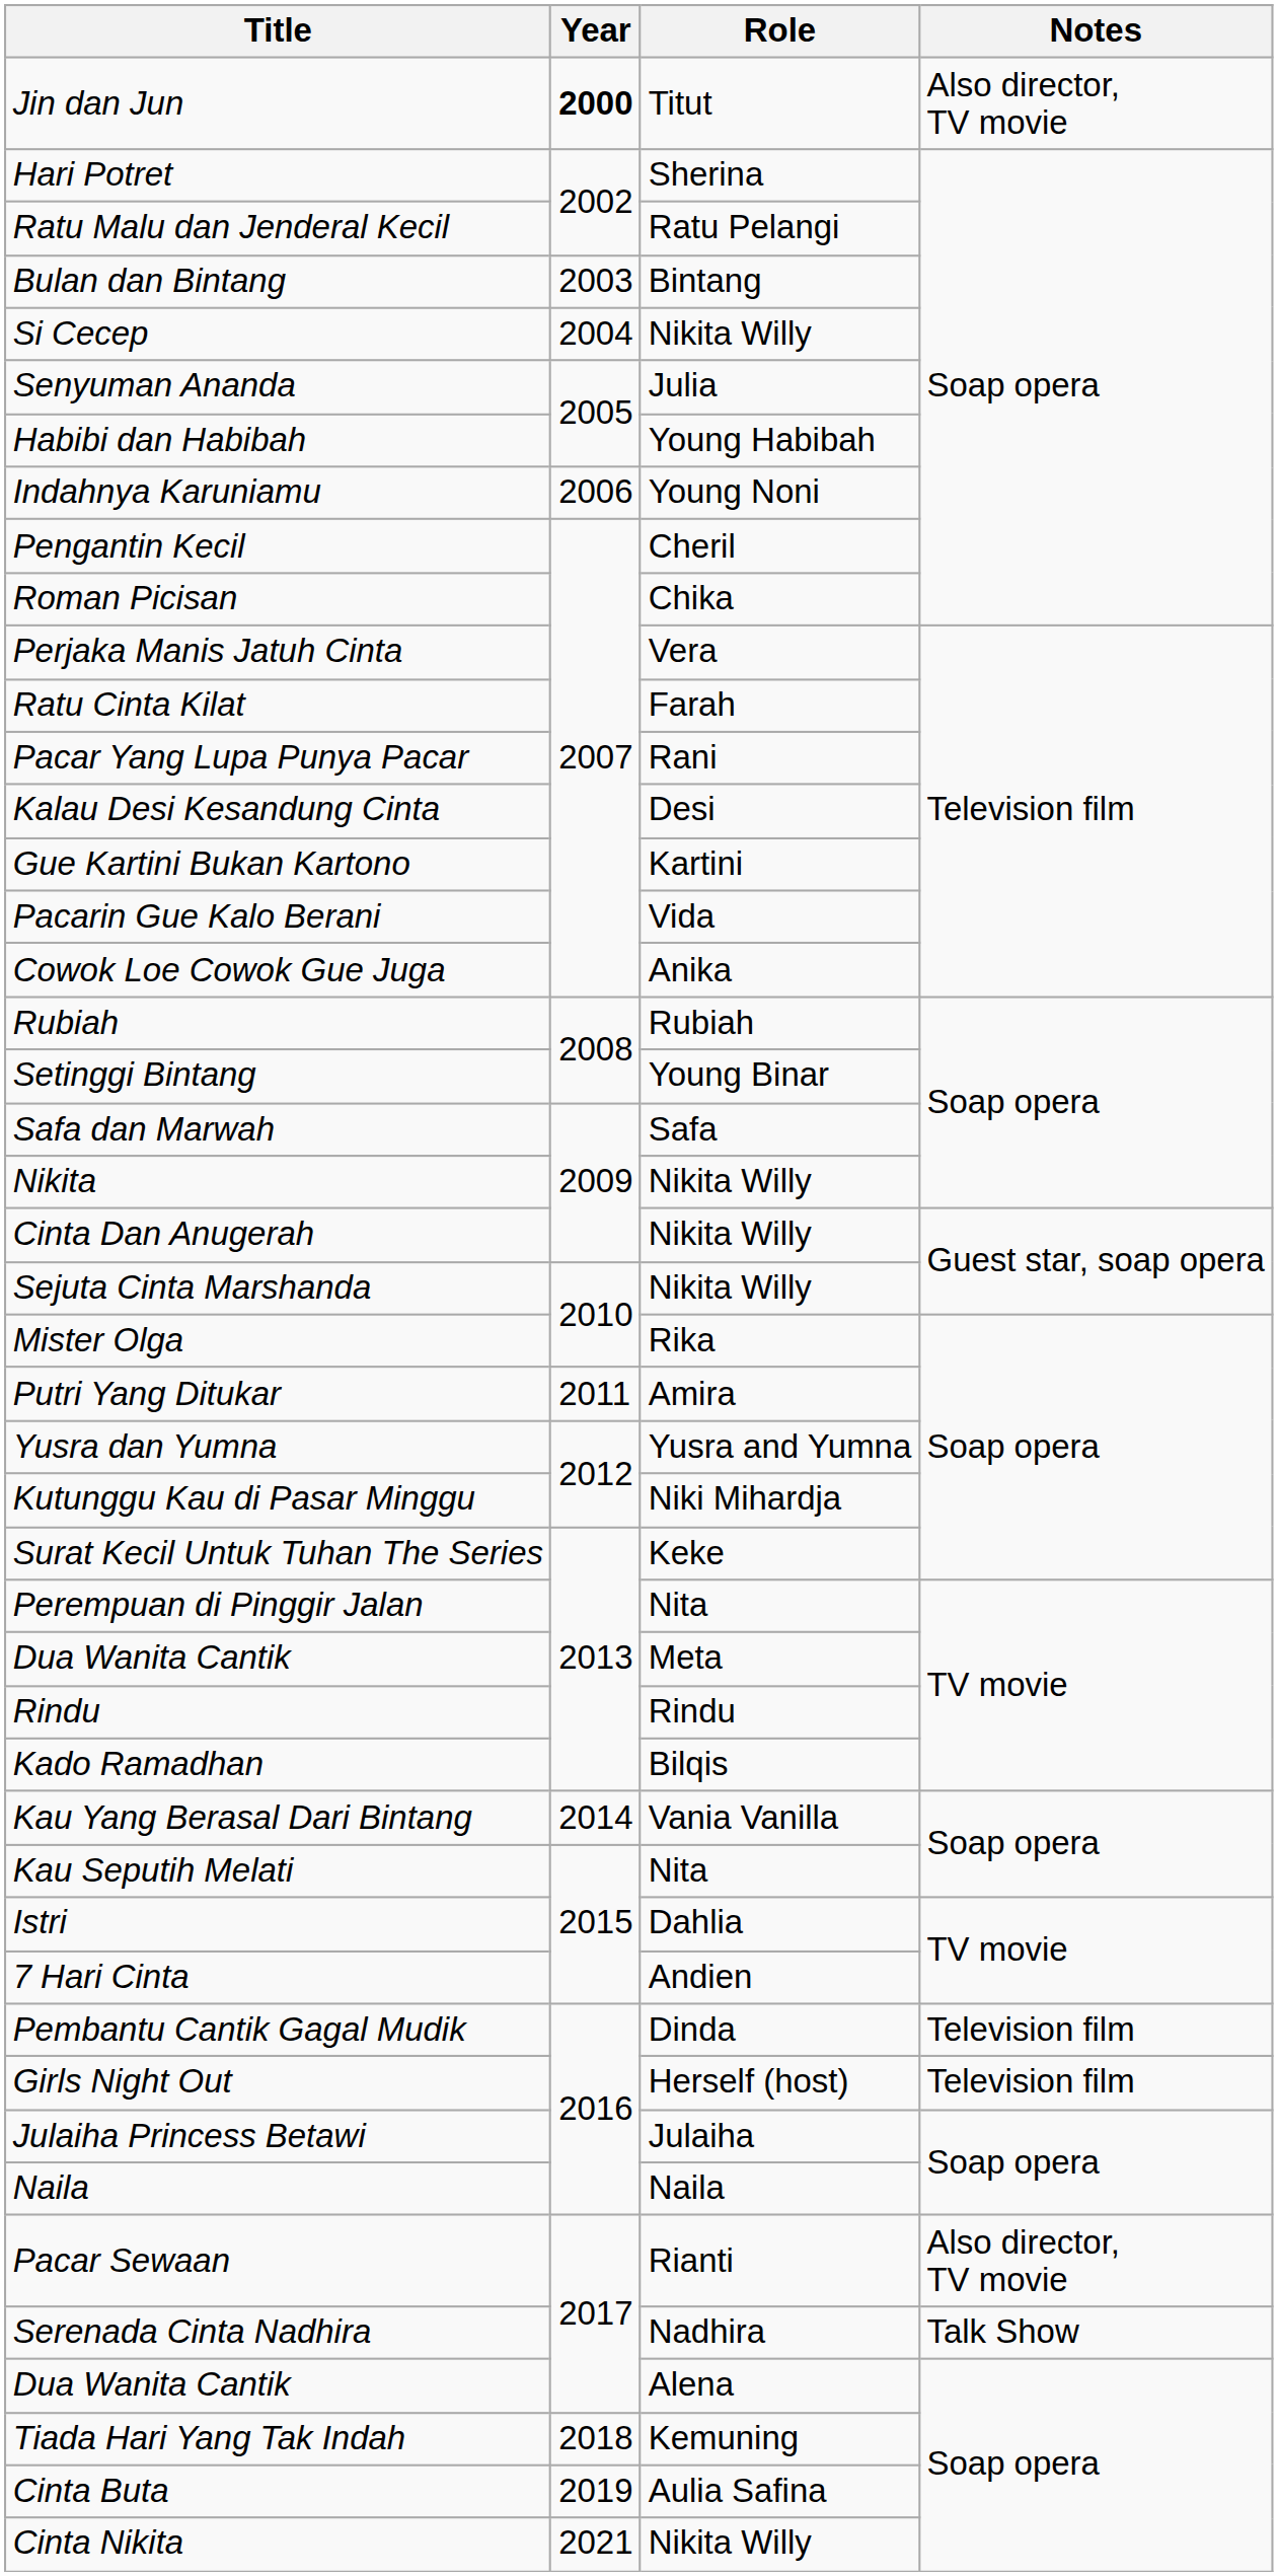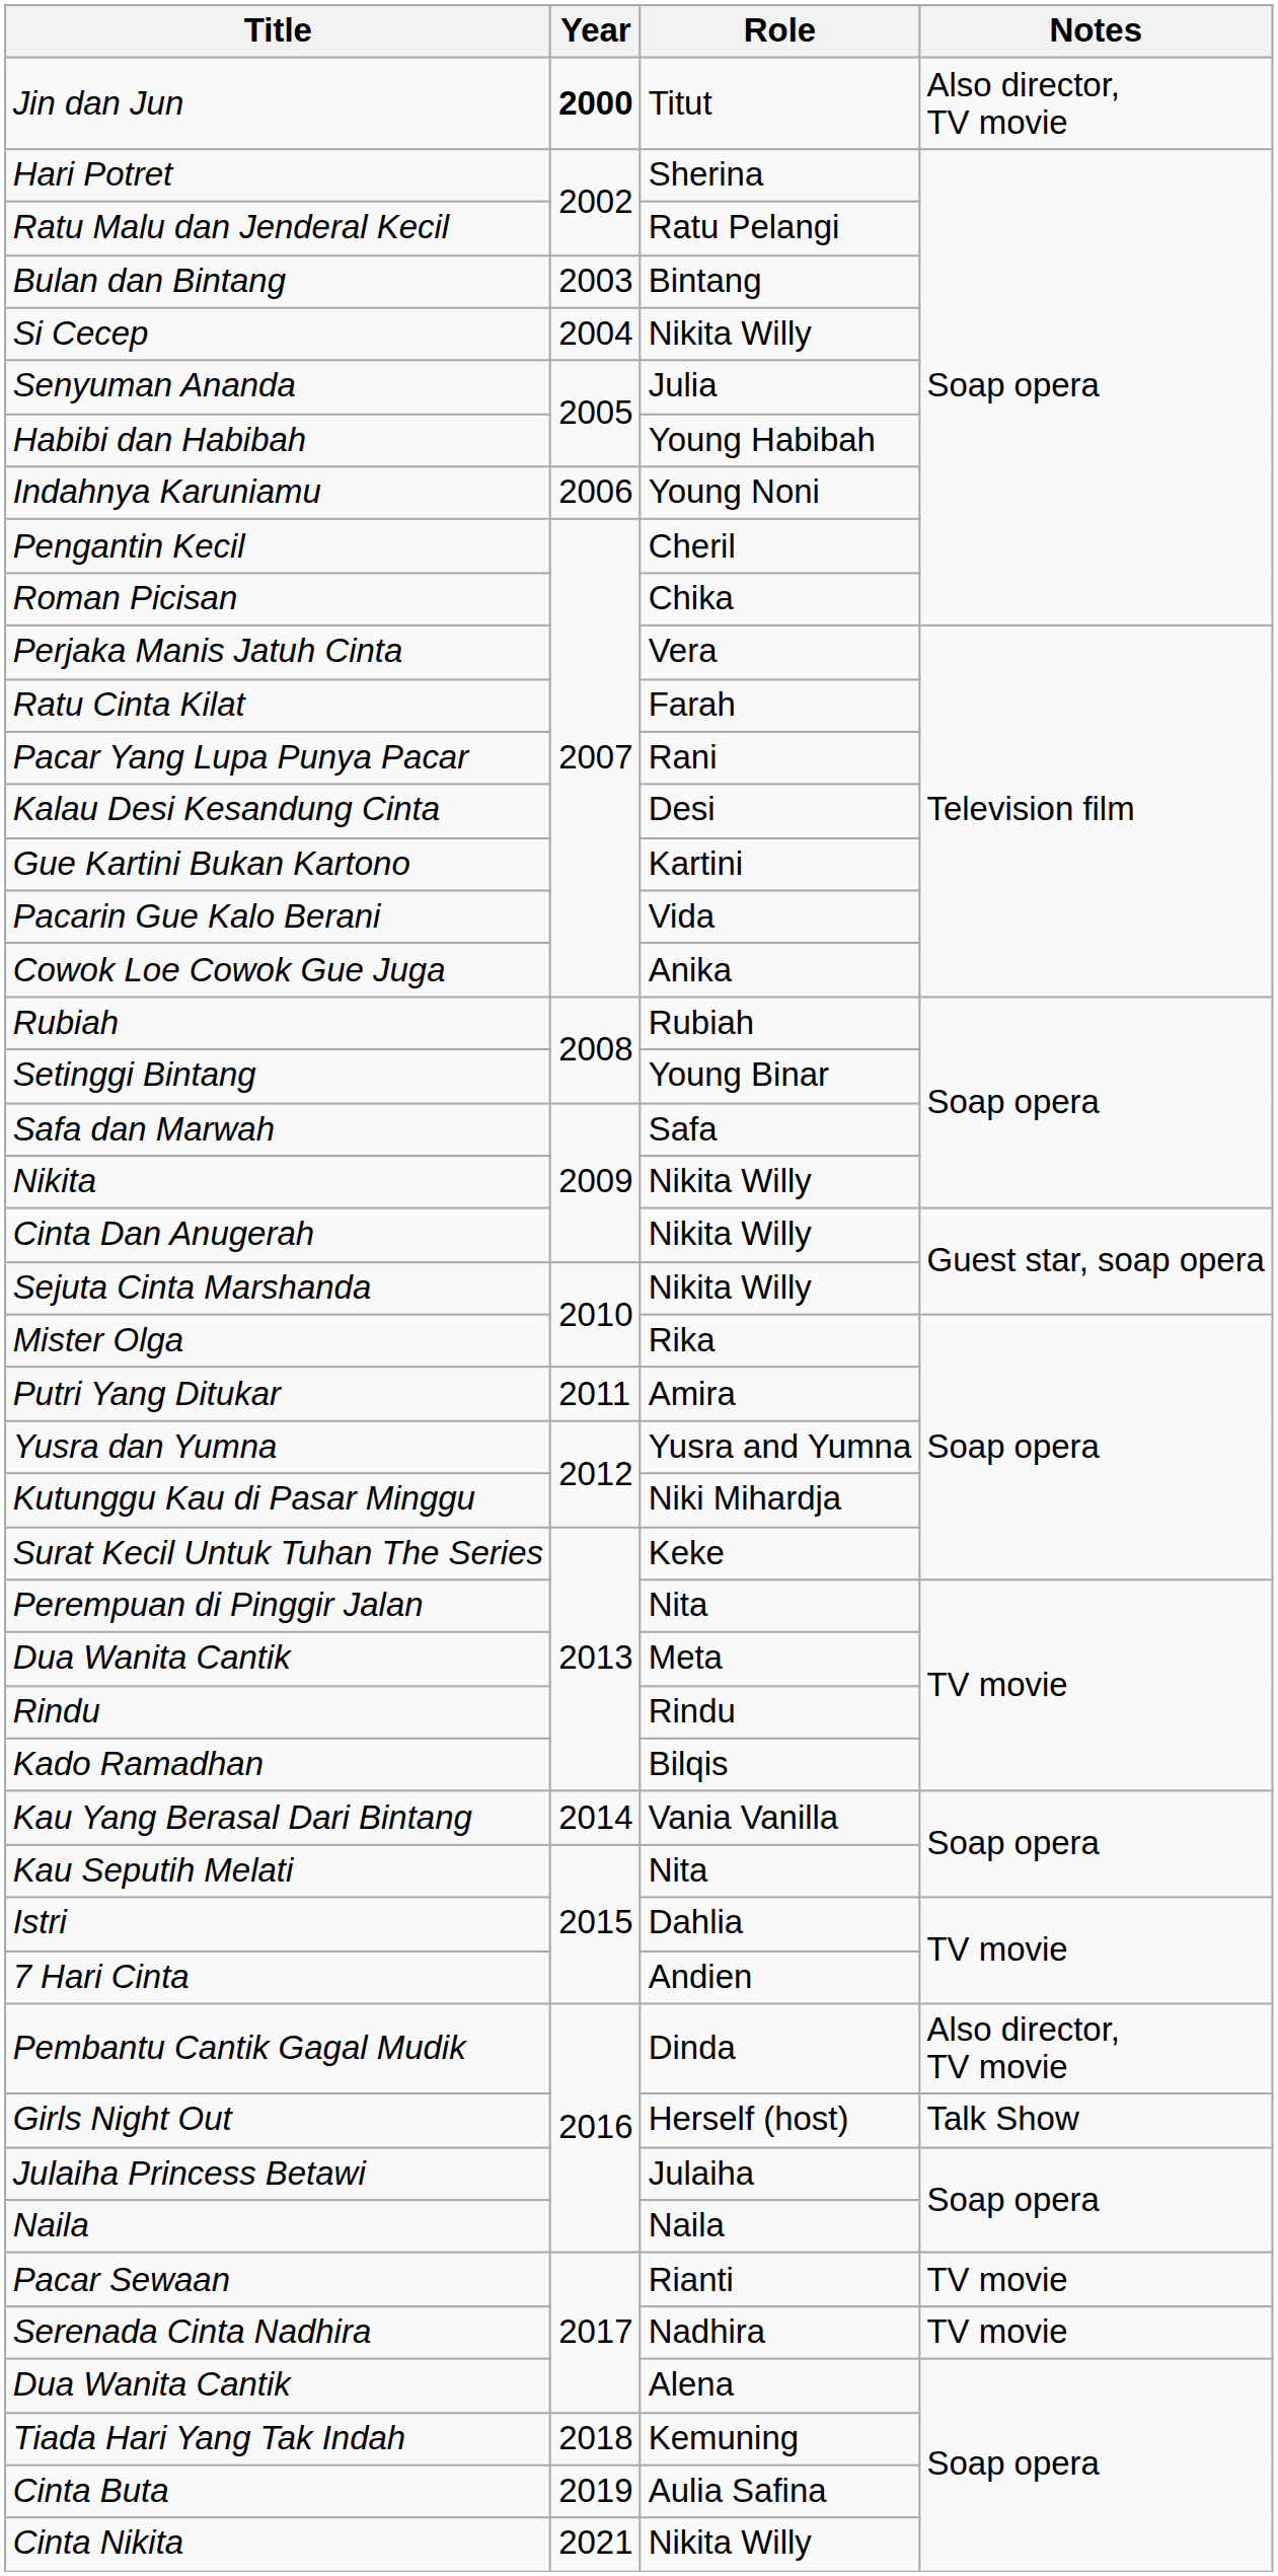 <table class="wikitable sortable">
 <tr>
 <th>Title</th>
 <th>Year</th>
 <th>Role</th>
 <th>Notes</th>
 </tr>
 <tr>
 <td><em>Jin dan Jun</em></td>
 <td><strong>2000</strong></td>
 <td>Titut</td>
 <td>Also director,<br>TV movie</td>
 </tr>
 <tr>
 <td><em>Hari Potret</em></td>
 <td rowspan="2">2002</td>
 <td>Sherina</td>
 <td rowspan="9">Soap opera</td>
 </tr>
 <tr>
 <td><em>Ratu Malu dan Jenderal Kecil</em></td>
 <td>Ratu Pelangi</td>
 </tr>
 <tr>
 <td><em>Bulan dan Bintang</em></td>
 <td>2003</td>
 <td>Bintang</td>
 </tr>
 <tr>
 <td><em>Si Cecep</em></td>
 <td>2004</td>
 <td>Nikita Willy</td>
 </tr>
 <tr>
 <td><em>Senyuman Ananda</em></td>
 <td rowspan="2">2005</td>
 <td>Julia</td>
 </tr>
 <tr>
 <td><em>Habibi dan Habibah</em></td>
 <td>Young Habibah</td>
 </tr>
 <tr>
 <td><em>Indahnya Karuniamu</em></td>
 <td>2006</td>
 <td>Young Noni</td>
 </tr>
 <tr>
 <td><em>Pengantin Kecil</em></td>
 <td rowspan="9">2007</td>
 <td>Cheril</td>
 </tr>
 <tr>
 <td><em>Roman Picisan</em></td>
 <td>Chika</td>
 </tr>
 <tr>
 <td><em>Perjaka Manis Jatuh Cinta</em></td>
 <td>Vera</td>
 <td rowspan="7">Television film</td>
 </tr>
 <tr>
 <td><em>Ratu Cinta Kilat</em></td>
 <td>Farah</td>
 </tr>
 <tr>
 <td><em>Pacar Yang Lupa Punya Pacar</em></td>
 <td>Rani</td>
 </tr>
 <tr>
 <td><em>Kalau Desi Kesandung Cinta</em></td>
 <td>Desi</td>
 </tr>
 <tr>
 <td><em>Gue Kartini Bukan Kartono</em></td>
 <td>Kartini</td>
 </tr>
 <tr>
 <td><em>Pacarin Gue Kalo Berani</em></td>
 <td>Vida</td>
 </tr>
 <tr>
 <td><em>Cowok Loe Cowok Gue Juga</em></td>
 <td>Anika</td>
 </tr>
 <tr>
 <td><em>Rubiah</em></td>
 <td rowspan="2">2008</td>
 <td>Rubiah</td>
 <td rowspan="4">Soap opera</td>
 </tr>
 <tr>
 <td><em>Setinggi Bintang</em></td>
 <td>Young Binar</td>
 </tr>
 <tr>
 <td><em>Safa dan Marwah</em></td>
 <td rowspan="3">2009</td>
 <td>Safa</td>
 </tr>
 <tr>
 <td><em>Nikita</em></td>
 <td>Nikita Willy</td>
 </tr>
 <tr>
 <td><em>Cinta Dan Anugerah</em></td>
 <td>Nikita Willy</td>
 <td rowspan="2">Guest star, soap opera</td>
 </tr>
 <tr>
 <td><em>Sejuta Cinta Marshanda</em></td>
 <td rowspan="2">2010</td>
 <td>Nikita Willy</td>
 </tr>
 <tr>
 <td><em>Mister Olga</em></td>
 <td>Rika</td>
 <td rowspan="5">Soap opera</td>
 </tr>
 <tr>
 <td><em>Putri Yang Ditukar</em></td>
 <td>2011</td>
 <td>Amira</td>
 </tr>
 <tr>
 <td><em>Yusra dan Yumna</em></td>
 <td rowspan="2">2012</td>
 <td>Yusra and Yumna</td>
 </tr>
 <tr>
 <td><em>Kutunggu Kau di Pasar Minggu</em></td>
 <td>Niki Mihardja</td>
 </tr>
 <tr>
 <td><em>Surat Kecil Untuk Tuhan The Series</em></td>
 <td rowspan="5">2013</td>
 <td>Keke</td>
 </tr>
 <tr>
 <td><em>Perempuan di Pinggir Jalan</em></td>
 <td>Nita</td>
 <td rowspan="4">TV movie</td>
 </tr>
 <tr>
 <td><em>Dua Wanita Cantik</em></td>
 <td>Meta</td>
 </tr>
 <tr>
 <td><em>Rindu</em></td>
 <td>Rindu</td>
 </tr>
 <tr>
 <td><em>Kado Ramadhan</em></td>
 <td>Bilqis</td>
 </tr>
 <tr>
 <td><em>Kau Yang Berasal Dari Bintang</em></td>
 <td>2014</td>
 <td>Vania Vanilla</td>
 <td rowspan="2">Soap opera</td>
 </tr>
 <tr>
 <td><em>Kau Seputih Melati</em></td>
 <td rowspan="3">2015</td>
 <td>Nita</td>
 </tr>
 <tr>
 <td><em>Istri</em></td>
 <td>Dahlia</td>
 <td rowspan="2">TV movie</td>
 </tr>
 <tr>
 <td><em>7 Hari Cinta</em></td>
 <td>Andien</td>
 </tr>
 <tr>
 <td><em>Pembantu Cantik Gagal Mudik</em></td>
 <td rowspan="4">2016</td>
 <td>Dinda</td>
-<td>Television film</td>
+<td>Also director,<br>TV movie</td>
 </tr>
 <tr>
 <td><em>Girls Night Out</em></td>
 <td>Herself (host)</td>
-<td>Television film</td>
+<td>Talk Show</td>
 </tr>
 <tr>
 <td><em>Julaiha Princess Betawi</em></td>
 <td>Julaiha</td>
 <td rowspan="2">Soap opera</td>
 </tr>
 <tr>
 <td><em>Naila</em></td>
 <td>Naila</td>
 </tr>
 <tr>
 <td><em>Pacar Sewaan</em></td>
 <td rowspan="3">2017</td>
 <td>Rianti</td>
-<td>Also director,<br>TV movie</td>
+<td>TV movie</td>
 </tr>
 <tr>
 <td><em>Serenada Cinta Nadhira</em></td>
 <td>Nadhira</td>
-<td>Talk Show</td>
+<td>TV movie</td>
 </tr>
 <tr>
 <td><em>Dua Wanita Cantik</em></td>
 <td>Alena</td>
 <td rowspan="4">Soap opera</td>
 </tr>
 <tr>
 <td><em>Tiada Hari Yang Tak Indah</em></td>
 <td>2018</td>
 <td>Kemuning</td>
 </tr>
 <tr>
 <td><em>Cinta Buta</em></td>
 <td>2019</td>
 <td>Aulia Safina</td>
 </tr>
 <tr>
 <td><em>Cinta Nikita</em></td>
 <td>2021</td>
 <td>Nikita Willy</td>
 </tr>
 </table>
